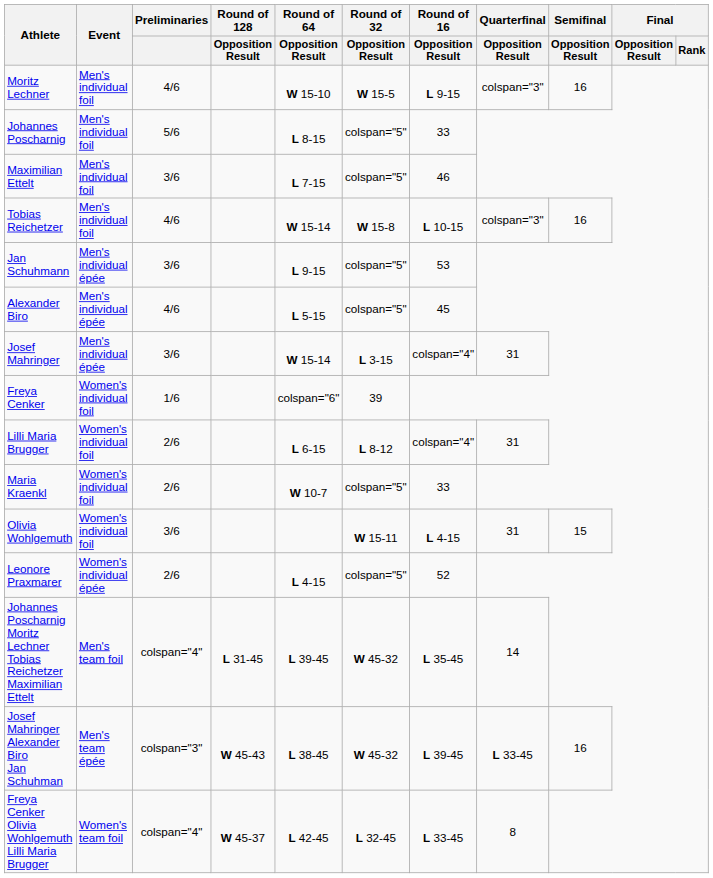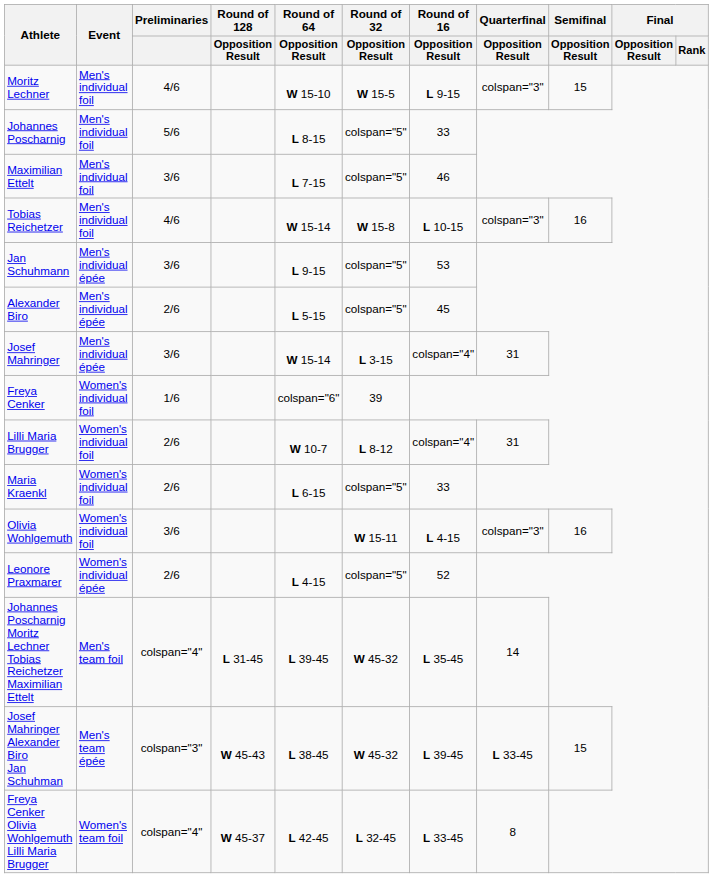 <table class="wikitable" style="text-align:center; font-size:90%">
 <tr>
 <th rowspan="2">Athlete</th>
 <th rowspan="2">Event</th>
 <th>Preliminaries</th>
 <th>Round of 128</th>
 <th>Round of 64</th>
 <th>Round of 32</th>
 <th>Round of 16</th>
 <th>Quarterfinal</th>
 <th>Semifinal</th>
 <th colspan="2">Final</th>
 </tr>
 <tr style="font-size:95%">
 <th></th>
 <th>Opposition<br>Result</th>
 <th>Opposition<br>Result</th>
 <th>Opposition<br>Result</th>
 <th>Opposition<br>Result</th>
 <th>Opposition<br>Result</th>
 <th>Opposition<br>Result</th>
 <th>Opposition<br>Result</th>
 <th>Rank</th>
 </tr>
 <tr>
 <td align="left"><a href='#'>Moritz Lechner</a></td>
 <td align="left"><a href='#'>Men's individual foil</a></td>
 <td>4/6</td>
 <td></td>
 <td><br><strong>W</strong> 15-10</td>
 <td><br><strong>W</strong> 15-5</td>
 <td><br><strong>L</strong> 9-15</td>
 <td>colspan="3" </td>
-<td>16</td>
+<td>15</td>
 </tr>
 <tr>
 <td align="left"><a href='#'>Johannes Poscharnig</a></td>
 <td align="left"><a href='#'>Men's individual foil</a></td>
 <td>5/6</td>
 <td></td>
 <td><br><strong>L</strong> 8-15</td>
 <td>colspan="5" </td>
 <td>33</td>
 </tr>
 <tr>
 <td align="left"><a href='#'>Maximilian Ettelt</a></td>
 <td align="left"><a href='#'>Men's individual foil</a></td>
 <td>3/6</td>
 <td></td>
 <td><br><strong>L</strong> 7-15</td>
 <td>colspan="5" </td>
 <td>46</td>
 </tr>
 <tr>
 <td align="left"><a href='#'>Tobias Reichetzer</a></td>
 <td align="left"><a href='#'>Men's individual foil</a></td>
 <td>4/6</td>
 <td></td>
 <td><br><strong>W</strong> 15-14</td>
 <td><br><strong>W</strong> 15-8</td>
 <td><br><strong>L</strong> 10-15</td>
 <td>colspan="3" </td>
 <td>16</td>
 </tr>
 <tr>
 <td align="left"><a href='#'>Jan Schuhmann</a></td>
 <td align="left"><a href='#'>Men's individual épée</a></td>
 <td>3/6</td>
 <td></td>
 <td><br><strong>L</strong> 9-15</td>
 <td>colspan="5" </td>
 <td>53</td>
 </tr>
 <tr>
 <td align="left"><a href='#'>Alexander Biro</a></td>
 <td align="left"><a href='#'>Men's individual épée</a></td>
-<td>4/6</td>
+<td>2/6</td>
 <td></td>
 <td><br><strong>L</strong> 5-15</td>
 <td>colspan="5" </td>
 <td>45</td>
 </tr>
 <tr>
 <td align="left"><a href='#'>Josef Mahringer</a></td>
 <td align="left"><a href='#'>Men's individual épée</a></td>
 <td>3/6</td>
 <td></td>
 <td><br><strong>W</strong> 15-14</td>
 <td><br><strong>L</strong> 3-15</td>
 <td>colspan="4" </td>
 <td>31</td>
 </tr>
 <tr>
 <td align="left"><a href='#'>Freya Cenker</a></td>
 <td align="left"><a href='#'>Women's individual foil</a></td>
 <td>1/6</td>
 <td></td>
 <td>colspan="6" </td>
 <td>39</td>
 </tr>
 <tr>
 <td align="left"><a href='#'>Lilli Maria Brugger</a></td>
 <td align="left"><a href='#'>Women's individual foil</a></td>
 <td>2/6</td>
 <td></td>
-<td><br><strong>L</strong> 6-15</td>
+<td><br><strong>W</strong> 10-7</td>
 <td><br><strong>L</strong> 8-12</td>
 <td>colspan="4" </td>
 <td>31</td>
 </tr>
 <tr>
 <td align="left"><a href='#'>Maria Kraenkl</a></td>
 <td align="left"><a href='#'>Women's individual foil</a></td>
 <td>2/6</td>
 <td></td>
-<td><br><strong>W</strong> 10-7</td>
+<td><br><strong>L</strong> 6-15</td>
 <td>colspan="5" </td>
 <td>33</td>
 </tr>
 <tr>
 <td align="left"><a href='#'>Olivia Wohlgemuth</a></td>
 <td align="left"><a href='#'>Women's individual foil</a></td>
 <td>3/6</td>
 <td></td>
 <td></td>
 <td><br><strong>W</strong> 15-11</td>
 <td><br><strong>L</strong> 4-15</td>
-<td>31</td>
-<td>15</td>
+<td>colspan="3" </td>
+<td>16</td>
 </tr>
 <tr>
 <td align="left"><a href='#'>Leonore Praxmarer</a></td>
 <td align="left"><a href='#'>Women's individual épée</a></td>
 <td>2/6</td>
 <td></td>
 <td><br><strong>L</strong> 4-15</td>
 <td>colspan="5" </td>
 <td>52</td>
 </tr>
 <tr>
 <td align="left"><a href='#'>Johannes Poscharnig</a><br><a href='#'>Moritz Lechner</a><br><a href='#'>Tobias Reichetzer</a><br><a href='#'>Maximilian Ettelt</a></td>
 <td align="left"><a href='#'>Men's team foil</a></td>
 <td>colspan="4" </td>
 <td><br><strong>L</strong> 31-45</td>
 <td><br><strong>L</strong> 39-45</td>
 <td><br><strong>W</strong> 45-32</td>
 <td><br><strong>L</strong> 35-45</td>
 <td>14</td>
 </tr>
 <tr>
 <td align="left"><a href='#'>Josef Mahringer</a><br><a href='#'>Alexander Biro</a><br><a href='#'>Jan Schuhman</a></td>
 <td align="left"><a href='#'>Men's team épée</a></td>
 <td>colspan="3" </td>
 <td><br><strong>W</strong> 45-43</td>
 <td><br><strong>L</strong> 38-45</td>
 <td><br><strong>W</strong> 45-32</td>
 <td><br><strong>L</strong> 39-45</td>
 <td><br><strong>L</strong> 33-45</td>
-<td>16</td>
+<td>15</td>
 </tr>
 <tr>
 <td align="left"><a href='#'>Freya Cenker</a><br><a href='#'>Olivia Wohlgemuth</a><br><a href='#'>Lilli Maria Brugger</a></td>
 <td align="left"><a href='#'>Women's team foil</a></td>
 <td>colspan="4" </td>
 <td><br><strong>W</strong> 45-37</td>
 <td><br><strong>L</strong> 42-45</td>
 <td><br><strong>L</strong> 32-45</td>
 <td><br><strong>L</strong> 33-45</td>
 <td>8</td>
 </tr>
 </table>
